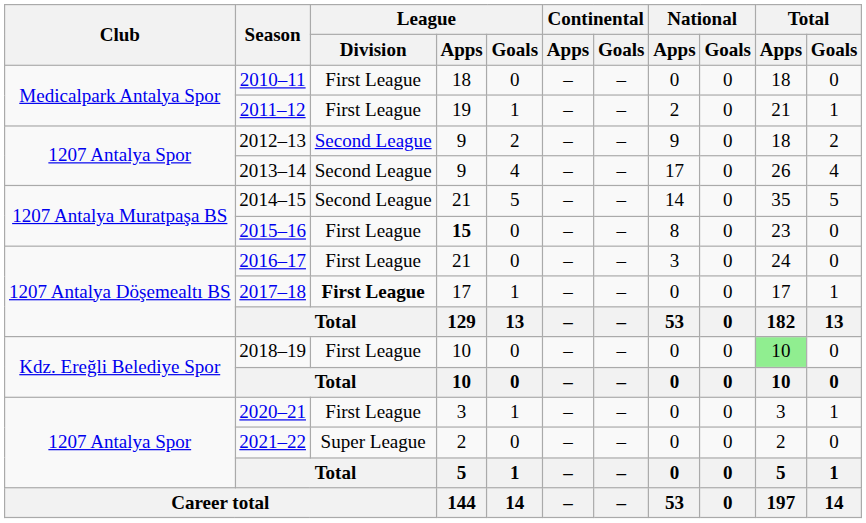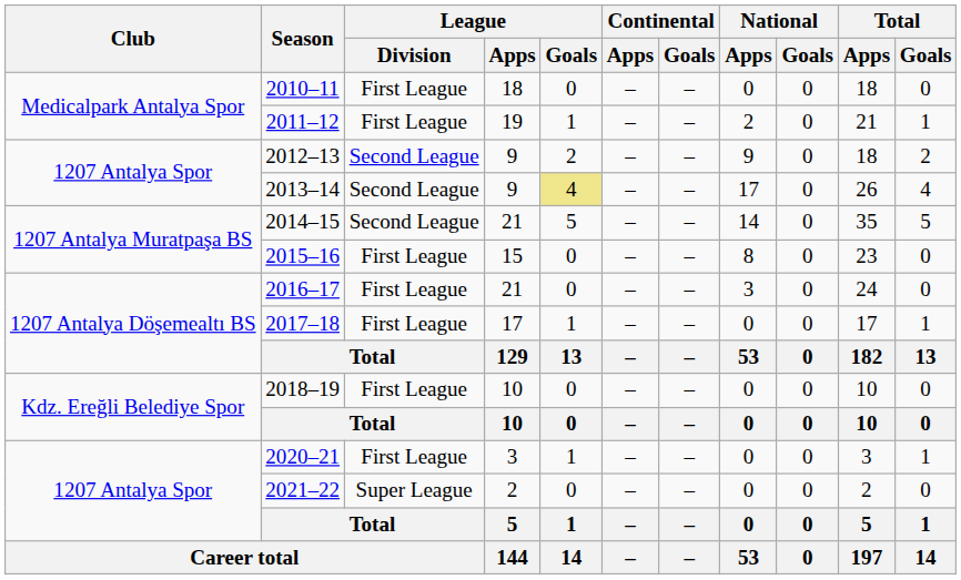 <table class="wikitable" style="text-align: center;">
 <tr>
 <th rowspan=2>Club</th>
 <th rowspan=2>Season</th>
 <th colspan=3>League</th>
 <th colspan=2>Continental</th>
 <th colspan=2>National</th>
 <th colspan=2>Total</th>
 </tr>
 <tr>
 <th>Division</th>
 <th>Apps</th>
 <th>Goals</th>
 <th>Apps</th>
 <th>Goals</th>
 <th>Apps</th>
 <th>Goals</th>
 <th>Apps</th>
 <th>Goals</th>
 </tr>
 <tr>
 <td rowspan=2><a href='#'>Medicalpark Antalya Spor</a></td>
 <td><a href='#'>2010–11</a></td>
 <td>First League</td>
 <td>18</td>
 <td>0</td>
 <td>–</td>
 <td>–</td>
 <td>0</td>
 <td>0</td>
 <td>18</td>
 <td>0</td>
 </tr>
 <tr>
 <td><a href='#'>2011–12</a></td>
 <td>First League</td>
 <td>19</td>
 <td>1</td>
 <td>–</td>
 <td>–</td>
 <td>2</td>
 <td>0</td>
 <td>21</td>
 <td>1</td>
 </tr>
 <tr>
 <td rowspan=2><a href='#'>1207 Antalya Spor</a></td>
 <td>2012–13</td>
 <td><a href='#'>Second League</a></td>
 <td>9</td>
 <td>2</td>
 <td>–</td>
 <td>–</td>
 <td>9</td>
 <td>0</td>
 <td>18</td>
 <td>2</td>
 </tr>
 <tr>
 <td>2013–14</td>
 <td>Second League</td>
 <td>9</td>
-<td>4</td>
+<td style="background: khaki;">4</td>
 <td>–</td>
 <td>–</td>
 <td>17</td>
 <td>0</td>
 <td>26</td>
 <td>4</td>
 </tr>
 <tr>
 <td rowspan=2><a href='#'>1207 Antalya Muratpaşa BS</a></td>
 <td>2014–15</td>
 <td>Second League</td>
 <td>21</td>
 <td>5</td>
 <td>–</td>
 <td>–</td>
 <td>14</td>
 <td>0</td>
 <td>35</td>
 <td>5</td>
 </tr>
 <tr>
 <td><a href='#'>2015–16</a></td>
 <td>First League</td>
-<td><strong>15</strong></td>
+<td>15</td>
 <td>0</td>
 <td>–</td>
 <td>–</td>
 <td>8</td>
 <td>0</td>
 <td>23</td>
 <td>0</td>
 </tr>
 <tr>
 <td rowspan=3><a href='#'>1207 Antalya Döşemealtı BS</a></td>
 <td><a href='#'>2016–17</a></td>
 <td>First League</td>
 <td>21</td>
 <td>0</td>
 <td>–</td>
 <td>–</td>
 <td>3</td>
 <td>0</td>
 <td>24</td>
 <td>0</td>
 </tr>
 <tr>
 <td><a href='#'>2017–18</a></td>
-<td><strong>First League</strong></td>
+<td>First League</td>
 <td>17</td>
 <td>1</td>
 <td>–</td>
 <td>–</td>
 <td>0</td>
 <td>0</td>
 <td>17</td>
 <td>1</td>
 </tr>
 <tr>
 <th colspan=2>Total</th>
 <th>129</th>
 <th>13</th>
 <th>–</th>
 <th>–</th>
 <th>53</th>
 <th>0</th>
 <th>182</th>
 <th>13</th>
 </tr>
 <tr>
 <td rowspan=2><a href='#'>Kdz. Ereğli Belediye Spor</a></td>
 <td>2018–19</td>
 <td>First League</td>
 <td>10</td>
 <td>0</td>
 <td>–</td>
 <td>–</td>
 <td>0</td>
 <td>0</td>
-<td style="background: lightgreen;">10</td>
+<td>10</td>
 <td>0</td>
 </tr>
 <tr>
 <th colspan=2>Total</th>
 <th>10</th>
 <th>0</th>
 <th>–</th>
 <th>–</th>
 <th>0</th>
 <th>0</th>
 <th>10</th>
 <th>0</th>
 </tr>
 <tr>
 <td rowspan=3><a href='#'>1207 Antalya Spor</a></td>
 <td><a href='#'>2020–21</a></td>
 <td>First League</td>
 <td>3</td>
 <td>1</td>
 <td>–</td>
 <td>–</td>
 <td>0</td>
 <td>0</td>
 <td>3</td>
 <td>1</td>
 </tr>
 <tr>
 <td><a href='#'>2021–22</a></td>
 <td>Super League</td>
 <td>2</td>
 <td>0</td>
 <td>–</td>
 <td>–</td>
 <td>0</td>
 <td>0</td>
 <td>2</td>
 <td>0</td>
 </tr>
 <tr>
 <th colspan="2">Total</th>
 <th>5</th>
 <th>1</th>
 <th>–</th>
 <th>–</th>
 <th>0</th>
 <th>0</th>
 <th>5</th>
 <th>1</th>
 </tr>
 <tr>
 <th colspan=3>Career total</th>
 <th>144</th>
 <th>14</th>
 <th>–</th>
 <th>–</th>
 <th>53</th>
 <th>0</th>
 <th>197</th>
 <th>14</th>
 </tr>
 </table>
